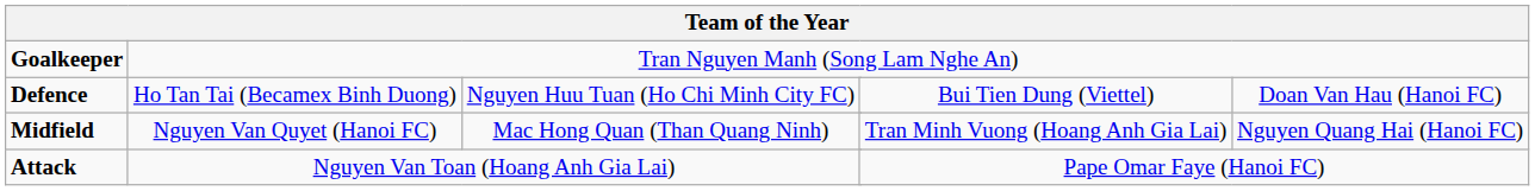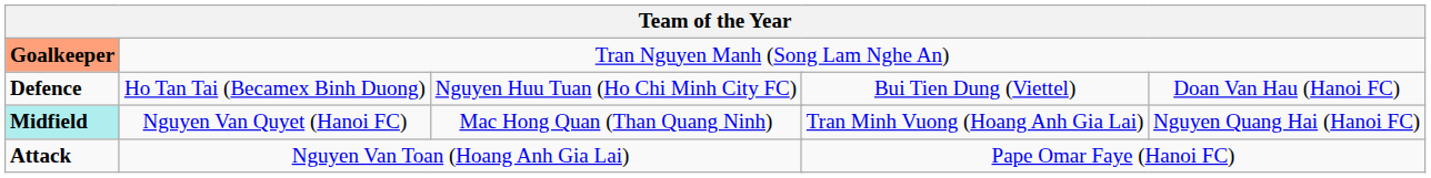 <table class="wikitable">
 <tr>
 <th colspan="13">Team of the Year</th>
 </tr>
 <tr>
-<td><strong>Goalkeeper</strong></td>
+<td style="background: lightsalmon;"><strong>Goalkeeper</strong></td>
 <td colspan="12" style="text-align:center;"> <a href='#'>Tran Nguyen Manh</a> (<a href='#'>Song Lam Nghe An</a>)</td>
 </tr>
 <tr>
 <td><strong>Defence</strong></td>
 <td colspan="3" style="text-align:center;"> <a href='#'>Ho Tan Tai</a> (<a href='#'>Becamex Binh Duong</a>)</td>
 <td colspan="3" style="text-align:center;"> <a href='#'>Nguyen Huu Tuan</a> (<a href='#'>Ho Chi Minh City FC</a>)</td>
 <td colspan="3" style="text-align:center;"> <a href='#'>Bui Tien Dung</a> (<a href='#'>Viettel</a>)</td>
 <td colspan="3" style="text-align:center;"> <a href='#'>Doan Van Hau</a> (<a href='#'>Hanoi FC</a>)</td>
 </tr>
 <tr>
-<td><strong>Midfield</strong></td>
+<td style="background: paleturquoise;"><strong>Midfield</strong></td>
 <td colspan="3" style="text-align:center;"> <a href='#'>Nguyen Van Quyet</a> (<a href='#'>Hanoi FC</a>)</td>
 <td colspan="3" style="text-align:center;"> <a href='#'>Mac Hong Quan</a> (<a href='#'>Than Quang Ninh</a>)</td>
 <td colspan="3" style="text-align:center;"> <a href='#'>Tran Minh Vuong</a> (<a href='#'>Hoang Anh Gia Lai</a>)</td>
 <td colspan="3" style="text-align:center;"> <a href='#'>Nguyen Quang Hai</a> (<a href='#'>Hanoi FC</a>)</td>
 </tr>
 <tr>
 <td><strong>Attack</strong></td>
 <td colspan="6" style="text-align:center;"> <a href='#'>Nguyen Van Toan</a> (<a href='#'>Hoang Anh Gia Lai</a>)</td>
 <td colspan="6" style="text-align:center;"> <a href='#'>Pape Omar Faye</a> (<a href='#'>Hanoi FC</a>)</td>
 </tr>
 </table>
